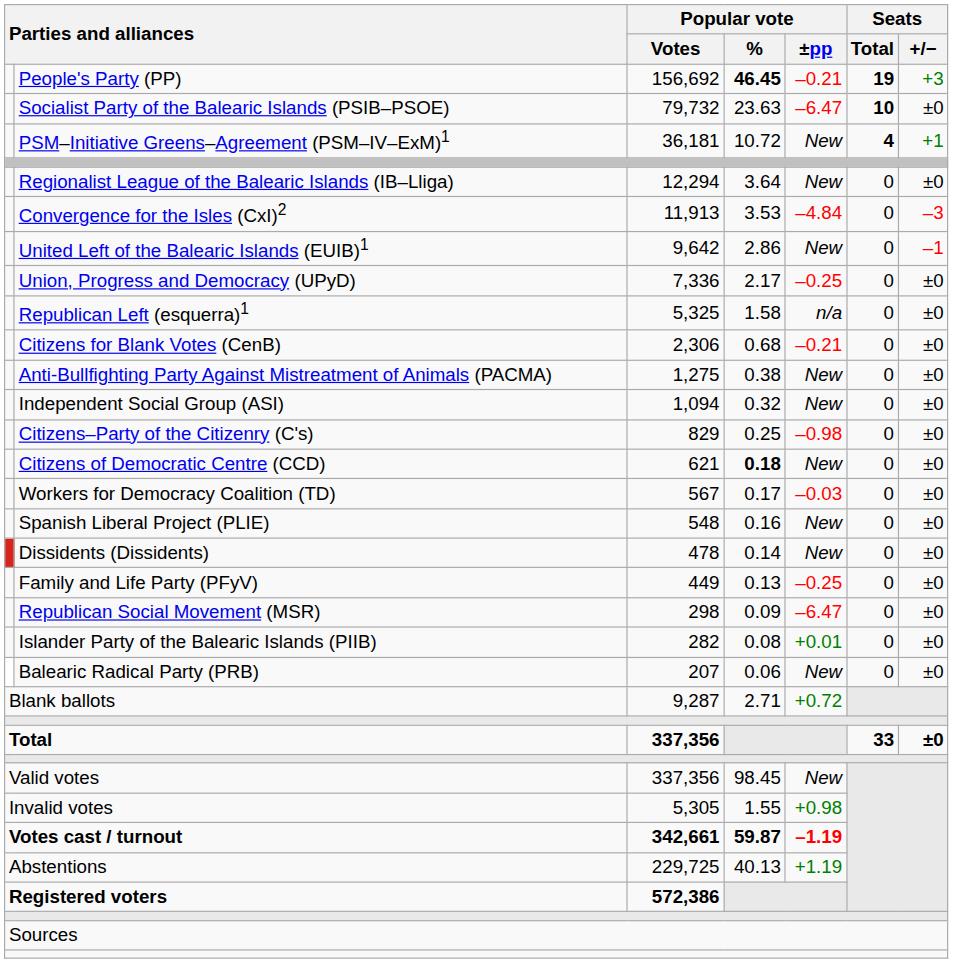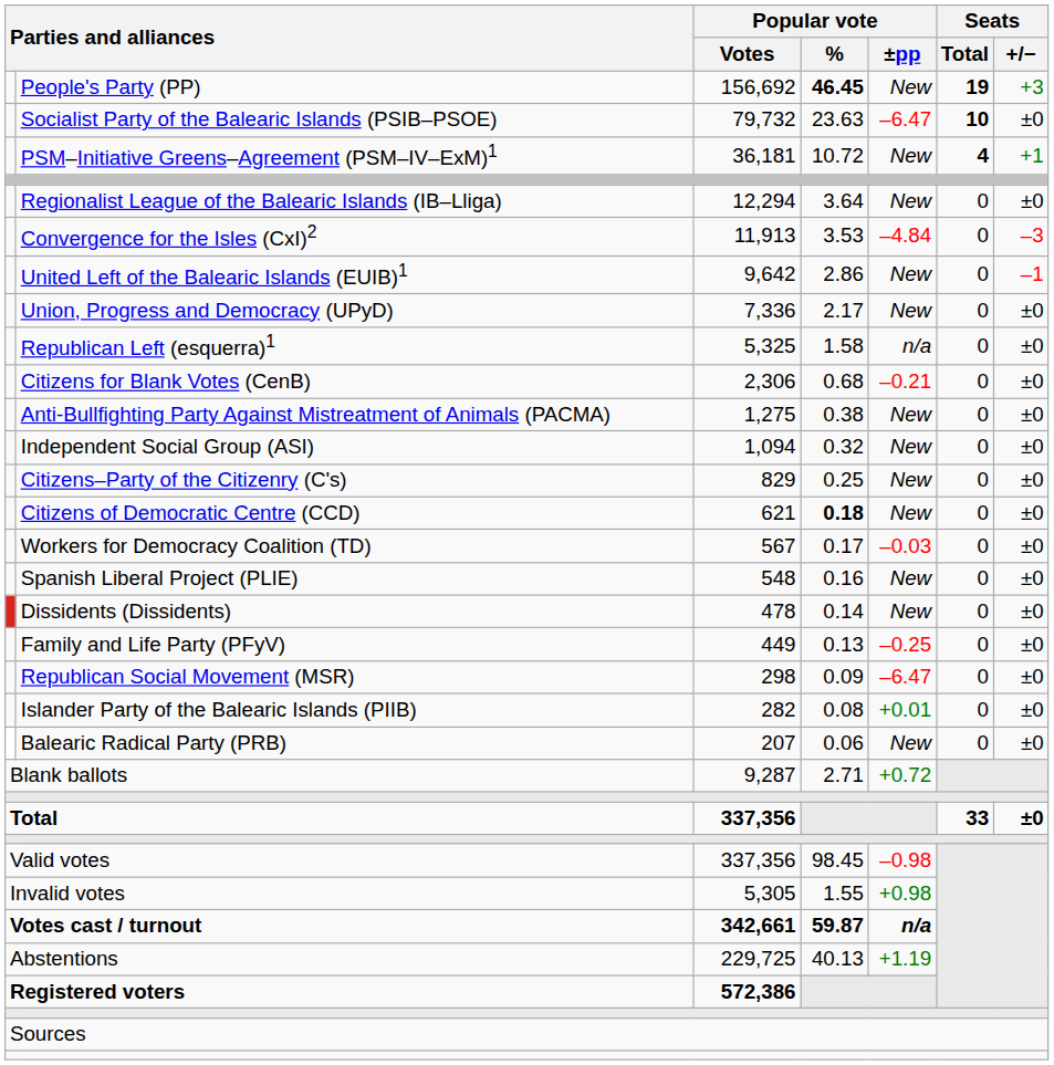 <table class="wikitable" style="text-align:right;">
 <tr>
 <th style="text-align:left;" rowspan="2" colspan="2" width="525">Parties and alliances</th>
 <th colspan="3">Popular vote</th>
 <th colspan="2">Seats</th>
 </tr>
 <tr>
 <th width="75">Votes</th>
 <th width="45">%</th>
 <th width="45">±<a href='#'>pp</a></th>
 <th width="35">Total</th>
 <th width="35">+/−</th>
 </tr>
 <tr>
 <td width="1" style="color:inherit;background:"></td>
 <td align="left"><a href='#'>People's Party</a> (PP)</td>
 <td>156,692</td>
 <td><strong>46.45</strong></td>
-<td style="color:red;">–0.21</td>
+<td><em>New</em></td>
 <td><strong>19</strong></td>
 <td style="color:green;">+3</td>
 </tr>
 <tr>
 <td style="color:inherit;background:"></td>
 <td align="left"><a href='#'>Socialist Party of the Balearic Islands</a> (PSIB–PSOE)</td>
 <td>79,732</td>
 <td>23.63</td>
 <td style="color:red;">–6.47</td>
 <td><strong>10</strong></td>
 <td>±0</td>
 </tr>
 <tr>
 <td width="1" style="color:inherit;background:"></td>
 <td align="left"><a href='#'>PSM</a>–<a href='#'>Initiative Greens</a>–<a href='#'>Agreement</a> (PSM–IV–ExM)<sup>1</sup></td>
 <td>36,181</td>
 <td>10.72</td>
 <td><em>New</em></td>
 <td><strong>4</strong></td>
 <td style="color:green;">+1</td>
 </tr>
 <tr>
 <td colspan="7" bgcolor="#C0C0C0"></td>
 </tr>
 <tr>
 <td style="color:inherit;background:"></td>
 <td align="left"><a href='#'>Regionalist League of the Balearic Islands</a> (IB–Lliga)</td>
 <td>12,294</td>
 <td>3.64</td>
 <td><em>New</em></td>
 <td>0</td>
 <td>±0</td>
 </tr>
 <tr>
 <td style="color:inherit;background:"></td>
 <td align="left"><a href='#'>Convergence for the Isles</a> (CxI)<sup>2</sup></td>
 <td>11,913</td>
 <td>3.53</td>
 <td style="color:red;">–4.84</td>
 <td>0</td>
 <td style="color:red;">–3</td>
 </tr>
 <tr>
 <td style="color:inherit;background:"></td>
 <td align="left"><a href='#'>United Left of the Balearic Islands</a> (EUIB)<sup>1</sup></td>
 <td>9,642</td>
 <td>2.86</td>
 <td><em>New</em></td>
 <td>0</td>
 <td style="color:red;">–1</td>
 </tr>
 <tr>
 <td style="color:inherit;background:"></td>
 <td align="left"><a href='#'>Union, Progress and Democracy</a> (UPyD)</td>
 <td>7,336</td>
 <td>2.17</td>
-<td style="color:red;">–0.25</td>
+<td><em>New</em></td>
 <td>0</td>
 <td>±0</td>
 </tr>
 <tr>
 <td style="color:inherit;background:"></td>
 <td align="left"><a href='#'>Republican Left</a> (esquerra)<sup>1</sup></td>
 <td>5,325</td>
 <td>1.58</td>
 <td><em>n/a</em></td>
 <td>0</td>
 <td>±0</td>
 </tr>
 <tr>
 <td style="color:inherit;background:"></td>
 <td align="left"><a href='#'>Citizens for Blank Votes</a> (CenB)</td>
 <td>2,306</td>
 <td>0.68</td>
 <td style="color:red;">–0.21</td>
 <td>0</td>
 <td>±0</td>
 </tr>
 <tr>
 <td style="color:inherit;background:"></td>
 <td align="left"><a href='#'>Anti-Bullfighting Party Against Mistreatment of Animals</a> (PACMA)</td>
 <td>1,275</td>
 <td>0.38</td>
 <td><em>New</em></td>
 <td>0</td>
 <td>±0</td>
 </tr>
 <tr>
 <td style="color:inherit;background:"></td>
 <td align="left">Independent Social Group (ASI)</td>
 <td>1,094</td>
 <td>0.32</td>
 <td><em>New</em></td>
 <td>0</td>
 <td>±0</td>
 </tr>
 <tr>
 <td style="color:inherit;background:"></td>
 <td align="left"><a href='#'>Citizens–Party of the Citizenry</a> (C's)</td>
 <td>829</td>
 <td>0.25</td>
-<td style="color:red;">–0.98</td>
+<td><em>New</em></td>
 <td>0</td>
 <td>±0</td>
 </tr>
 <tr>
 <td style="color:inherit;background:"></td>
 <td align="left"><a href='#'>Citizens of Democratic Centre</a> (CCD)</td>
 <td>621</td>
 <td><strong>0.18</strong></td>
 <td><em>New</em></td>
 <td>0</td>
 <td>±0</td>
 </tr>
 <tr>
 <td style="color:inherit;background:"></td>
 <td align="left">Workers for Democracy Coalition (TD)</td>
 <td>567</td>
 <td>0.17</td>
 <td style="color:red;">–0.03</td>
 <td>0</td>
 <td>±0</td>
 </tr>
 <tr>
 <td style="color:inherit;background:"></td>
 <td align="left">Spanish Liberal Project (PLIE)</td>
 <td>548</td>
 <td>0.16</td>
 <td><em>New</em></td>
 <td>0</td>
 <td>±0</td>
 </tr>
 <tr>
 <td bgcolor="#D9241D"></td>
 <td align="left">Dissidents (Dissidents)</td>
 <td>478</td>
 <td>0.14</td>
 <td><em>New</em></td>
 <td>0</td>
 <td>±0</td>
 </tr>
 <tr>
 <td style="color:inherit;background:"></td>
 <td align="left">Family and Life Party (PFyV)</td>
 <td>449</td>
 <td>0.13</td>
 <td style="color:red;">–0.25</td>
 <td>0</td>
 <td>±0</td>
 </tr>
 <tr>
 <td style="color:inherit;background:"></td>
 <td align="left"><a href='#'>Republican Social Movement</a> (MSR)</td>
 <td>298</td>
 <td>0.09</td>
 <td style="color:red;">–6.47</td>
 <td>0</td>
 <td>±0</td>
 </tr>
 <tr>
 <td style="color:inherit;background:"></td>
 <td align="left">Islander Party of the Balearic Islands (PIIB)</td>
 <td>282</td>
 <td>0.08</td>
 <td style="color:green;">+0.01</td>
 <td>0</td>
 <td>±0</td>
 </tr>
 <tr>
 <td bgcolor="white"></td>
 <td align="left">Balearic Radical Party (PRB)</td>
 <td>207</td>
 <td>0.06</td>
 <td><em>New</em></td>
 <td>0</td>
 <td>±0</td>
 </tr>
 <tr>
 <td align="left" colspan="2">Blank ballots</td>
 <td>9,287</td>
 <td>2.71</td>
 <td style="color:green;">+0.72</td>
 <td bgcolor="#E9E9E9" colspan="2"></td>
 </tr>
 <tr>
 <td colspan="7" bgcolor="#E9E9E9"></td>
 </tr>
 <tr style="font-weight:bold;">
 <td align="left" colspan="2">Total</td>
 <td>337,356</td>
 <td bgcolor="#E9E9E9" colspan="2"></td>
 <td>33</td>
 <td>±0</td>
 </tr>
 <tr>
 <td colspan="7" bgcolor="#E9E9E9"></td>
 </tr>
 <tr>
 <td align="left" colspan="2">Valid votes</td>
 <td>337,356</td>
 <td>98.45</td>
-<td><em>New</em></td>
+<td style="color:red;">–0.98</td>
 <td bgcolor="#E9E9E9" colspan="2" rowspan="5"></td>
 </tr>
 <tr>
 <td align="left" colspan="2">Invalid votes</td>
 <td>5,305</td>
 <td>1.55</td>
 <td style="color:green;">+0.98</td>
 </tr>
 <tr style="font-weight:bold;">
 <td align="left" colspan="2">Votes cast / turnout</td>
 <td>342,661</td>
 <td>59.87</td>
-<td style="color:red;">–1.19</td>
+<td><em>n/a</em></td>
 </tr>
 <tr>
 <td align="left" colspan="2">Abstentions</td>
 <td>229,725</td>
 <td>40.13</td>
 <td style="color:green;">+1.19</td>
 </tr>
 <tr style="font-weight:bold;">
 <td align="left" colspan="2">Registered voters</td>
 <td>572,386</td>
 <td bgcolor="#E9E9E9" colspan="2"></td>
 </tr>
 <tr>
 <td colspan="7" bgcolor="#E9E9E9"></td>
 </tr>
 <tr>
 <td align="left" colspan="7">Sources</td>
 </tr>
 <tr>
 <td colspan="7" style="text-align:left; max-width:790px;"></td>
 </tr>
 </table>
